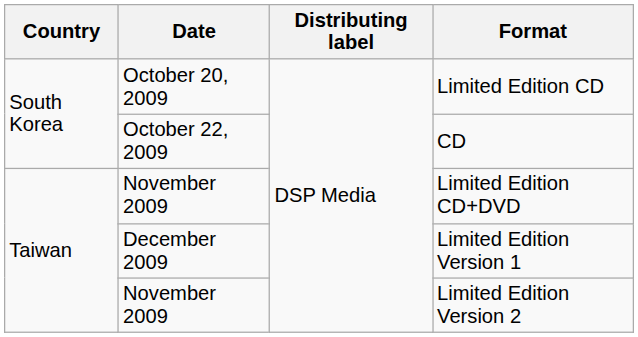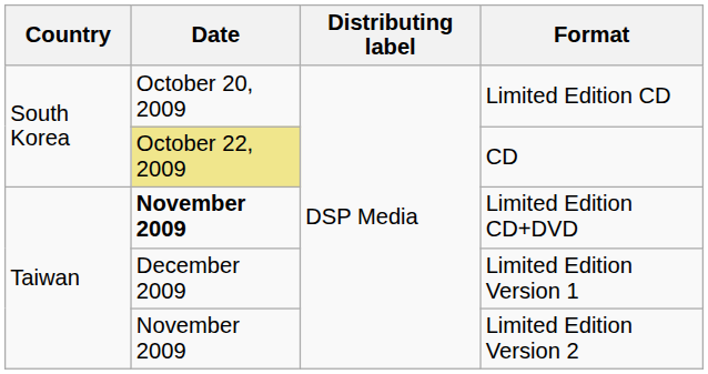 <table class="wikitable" style="width:500px">
 <tr>
 <th>Country</th>
 <th>Date</th>
 <th>Distributing label</th>
 <th>Format</th>
 </tr>
 <tr>
 <td rowspan=2>South Korea</td>
 <td>October 20, 2009</td>
 <td rowspan=5>DSP Media</td>
 <td>Limited Edition CD</td>
 </tr>
 <tr>
-<td>October 22, 2009</td>
+<td style="background: khaki;">October 22, 2009</td>
 <td>CD</td>
 </tr>
 <tr>
 <td rowspan=3>Taiwan</td>
-<td>November 2009</td>
+<td><strong>November 2009</strong></td>
 <td>Limited Edition CD+DVD</td>
 </tr>
 <tr>
 <td>December 2009</td>
 <td>Limited Edition Version 1</td>
 </tr>
 <tr>
 <td>November 2009</td>
 <td>Limited Edition Version 2</td>
 </tr>
 </table>
